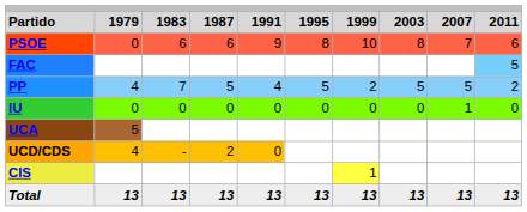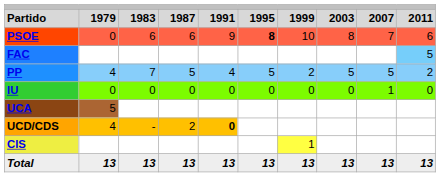 <table class=wikitable>
 <tr>
 <td colspan=10 width="600px" bgcolor="#C0C0C0"></td>
 </tr>
 <tr bgcolor="#D8D8D8">
 <td><strong>Partido</strong></td>
 <td align="right"><strong>1979</strong></td>
 <td align="right"><strong>1983</strong></td>
 <td align="right"><strong>1987</strong></td>
 <td align="right"><strong>1991</strong></td>
 <td align="right"><strong>1995</strong></td>
 <td align="right"><strong>1999</strong></td>
 <td align="right"><strong>2003</strong></td>
 <td align="right"><strong>2007</strong></td>
 <td align="right"><strong>2011</strong></td>
 </tr>
 <tr>
 <td bgcolor="#FF4500"><strong><a href='#'>PSOE</a></strong></td>
 <td bgcolor="#FF6347" align="right">0</td>
 <td bgcolor="#FF6347" align="right">6</td>
 <td bgcolor="#FF6347" align="right">6</td>
 <td bgcolor="#FF6347" align="right">9</td>
-<td bgcolor="#FF6347" align="right">8</td>
+<td bgcolor="#FF6347" align="right"><strong>8</strong></td>
 <td bgcolor="#FF6347" align="right">10</td>
 <td bgcolor="#FF6347" align="right">8</td>
 <td bgcolor="#FF6347" align="right">7</td>
 <td bgcolor="#FF6347" align="right">6</td>
 </tr>
 <tr>
 <td bgcolor="#1E80FF"><strong><a href='#'>FAC</a></strong></td>
 <td bgcolor="#FFFFFF" align="right"></td>
 <td bgcolor="#FFFFFF" align="right"></td>
 <td bgcolor="#FFFFFF" align="right"></td>
 <td bgcolor="#FFFFFF" align="right"></td>
 <td bgcolor="#FFFFFF" align="right"></td>
 <td bgcolor="#FFFFFF" align="right"></td>
 <td bgcolor="#FFFFFF" align="right"></td>
 <td bgcolor="#FFFFFF" align="right"></td>
 <td bgcolor="#76CEFA" align="right">5</td>
 </tr>
 <tr>
 <td bgcolor="#1E90FF"><strong><a href='#'>PP</a></strong></td>
 <td bgcolor="#87CEFA" align="right">4</td>
 <td bgcolor="#87CEFA" align="right">7</td>
 <td bgcolor="#87CEFA" align="right">5</td>
 <td bgcolor="#87CEFA" align="right">4</td>
 <td bgcolor="#87CEFA" align="right">5</td>
 <td bgcolor="#87CEFA" align="right">2</td>
 <td bgcolor="#87CEFA" align="right">5</td>
 <td bgcolor="#87CEFA" align="right">5</td>
 <td bgcolor="#87CEFA" align="right">2</td>
 </tr>
 <tr>
 <td bgcolor="#32CD32"><strong><a href='#'>IU</a></strong></td>
 <td bgcolor="#7CFC00" align="right">0</td>
 <td bgcolor="#7CFC00" align="right">0</td>
 <td bgcolor="#7CFC00" align="right">0</td>
 <td bgcolor="#7CFC00" align="right">0</td>
 <td bgcolor="#7CFC00" align="right">0</td>
 <td bgcolor="#7CFC00" align="right">0</td>
 <td bgcolor="#7CFC00" align="right">0</td>
 <td bgcolor="#7CFC00" align="right">1</td>
 <td bgcolor="#7CFC00" align="right">0</td>
 </tr>
 <tr>
 <td bgcolor="#8B4513"><strong><a href='#'>UCA</a></strong></td>
 <td bgcolor="#AB6533" align="right">5</td>
 <td bgcolor="#ffffff" align="right"></td>
 <td bgcolor="#ffffff" align="right"></td>
 <td bgcolor="#ffffff" align="right"></td>
 <td bgcolor="#ffffff" align="right"></td>
 <td bgcolor="#ffffff" align="right"></td>
 <td bgcolor="#ffffff" align="right"></td>
 <td bgcolor="#ffffff" align="right"></td>
 <td bgcolor="#ffffff" align="right"></td>
 </tr>
 <tr>
 <td bgcolor="#FFA500"><strong>UCD/CDS</strong></td>
 <td bgcolor="#ffC000" align="right">4</td>
 <td bgcolor="#ffC000" align="right">-</td>
 <td bgcolor="#ffC000" align="right">2</td>
-<td bgcolor="#ffC000" align="right">0</td>
+<td bgcolor="#ffC000" align="right"><strong>0</strong></td>
 <td bgcolor="#ffffff" align="right"></td>
 <td bgcolor="#ffffff" align="right"></td>
 <td bgcolor="#ffffff" align="right"></td>
 <td bgcolor="#ffffff" align="right"></td>
 <td bgcolor="#ffffff" align="right"></td>
 </tr>
 <tr>
 <td bgcolor="#EEEE42"><strong><a href='#'>CIS</a></strong></td>
 <td bgcolor="#FFFFff"  align="right"></td>
 <td bgcolor="#FFFFff"  align="right"></td>
 <td bgcolor="#FFFFff"  align="right"></td>
 <td bgcolor="#FFFFff"  align="right"></td>
 <td bgcolor="#FFFFff"  align="right"></td>
 <td bgcolor="#FFFF42"  align="right">1</td>
 <td bgcolor="#FFFFff"  align="right"></td>
 <td bgcolor="#FFFFff"  align="right"></td>
 <td bgcolor="#FFFFff"  align="right"></td>
 </tr>
 <tr bgcolor="#EEEEEE">
 <td><strong><em>Total</em></strong></td>
 <td align="right"><strong><em>13</em></strong></td>
 <td align="right"><strong><em>13</em></strong></td>
 <td align="right"><strong><em>13</em></strong></td>
 <td align="right"><strong><em>13</em></strong></td>
 <td align="right"><strong><em>13</em></strong></td>
 <td align="right"><strong><em>13</em></strong></td>
 <td align="right"><strong><em>13</em></strong></td>
 <td align="right"><strong><em>13</em></strong></td>
 <td align="right"><strong><em>13</em></strong></td>
 </tr>
 </table>
